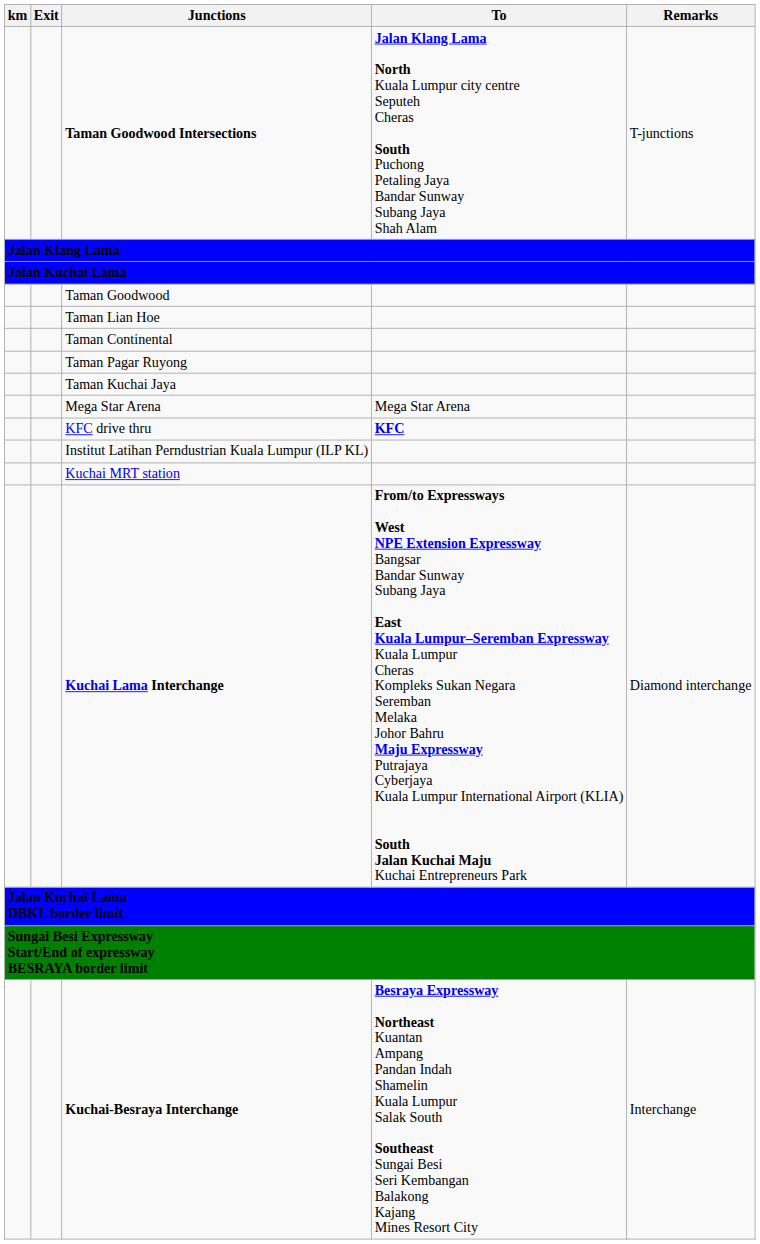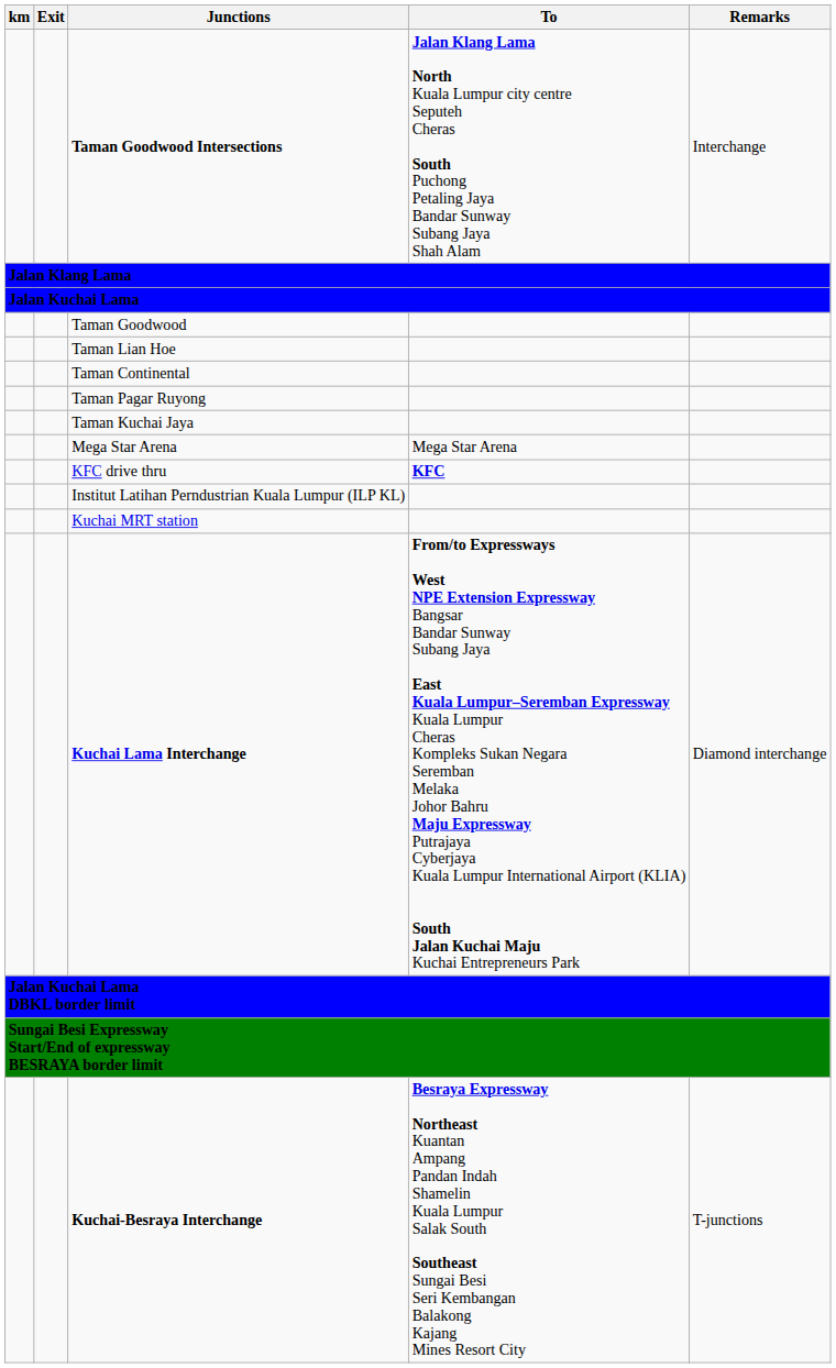 <table class=wikitable>
 <tr>
 <th>km</th>
 <th>Exit</th>
 <th>Junctions</th>
 <th>To</th>
 <th>Remarks</th>
 </tr>
 <tr>
 <td></td>
 <td></td>
 <td><strong>Taman Goodwood Intersections</strong></td>
 <td> <strong><a href='#'>Jalan Klang Lama</a></strong><br><br><strong>North</strong><br>Kuala Lumpur city centre<br>Seputeh<br>Cheras<br><br><strong>South</strong><br>Puchong<br>Petaling Jaya<br>Bandar Sunway<br>Subang Jaya<br>Shah Alam</td>
-<td>T-junctions</td>
+<td>Interchange</td>
 </tr>
 <tr>
 <td style="width:600px" colspan="6" style="text-align:center" bgcolor="blue"><strong><span> Jalan Klang Lama</span></strong></td>
 </tr>
 <tr>
 <td style="width:600px" colspan="6" style="text-align:center" bgcolor="blue"><strong><span>Jalan Kuchai Lama</span></strong></td>
 </tr>
 <tr>
 <td></td>
 <td></td>
 <td>Taman Goodwood</td>
 <td></td>
 <td></td>
 </tr>
 <tr>
 <td></td>
 <td></td>
 <td>Taman Lian Hoe</td>
 <td></td>
 <td></td>
 </tr>
 <tr>
 <td></td>
 <td></td>
 <td>Taman Continental</td>
 <td></td>
 <td></td>
 </tr>
 <tr>
 <td></td>
 <td></td>
 <td>Taman Pagar Ruyong</td>
 <td></td>
 <td></td>
 </tr>
 <tr>
 <td></td>
 <td></td>
 <td>Taman Kuchai Jaya</td>
 <td></td>
 <td></td>
 </tr>
 <tr>
 <td></td>
 <td></td>
 <td>Mega Star Arena</td>
 <td>Mega Star Arena</td>
 <td></td>
 </tr>
 <tr>
 <td></td>
 <td></td>
 <td> <a href='#'>KFC</a> drive thru</td>
 <td><strong> <a href='#'>KFC</a></strong></td>
 <td></td>
 </tr>
 <tr>
 <td></td>
 <td></td>
 <td>Institut Latihan Perndustrian Kuala Lumpur (ILP KL) </td>
 <td></td>
 <td></td>
 </tr>
 <tr>
 <td></td>
 <td></td>
 <td><a href='#'>Kuchai MRT station</a> </td>
 <td></td>
 <td></td>
 </tr>
 <tr>
 <td></td>
 <td></td>
 <td><strong><a href='#'>Kuchai Lama</a> Interchange</strong></td>
 <td><strong>From/to Expressways</strong><br><br><strong>West</strong><br> <strong><a href='#'>NPE Extension Expressway</a></strong><br>Bangsar<br>Bandar Sunway<br>Subang Jaya<br><br><strong>East</strong><br> <strong><a href='#'>Kuala Lumpur–Seremban Expressway</a></strong><br>Kuala Lumpur<br>Cheras<br>Kompleks Sukan Negara<br>Seremban<br>Melaka<br>Johor Bahru<br> <strong><a href='#'>Maju Expressway</a></strong><br>Putrajaya<br>Cyberjaya<br>Kuala Lumpur International Airport (KLIA) <br><br><br><strong>South</strong><br><strong>Jalan Kuchai Maju</strong><br>Kuchai Entrepreneurs Park</td>
 <td>Diamond interchange</td>
 </tr>
 <tr>
 <td style="width:600px" colspan="6" style="text-align:center" bgcolor="blue"><strong><span>Jalan Kuchai Lama<br>DBKL border limit</span></strong></td>
 </tr>
 <tr>
 <td style="width:600px" colspan="6" style="text-align:center" bgcolor="green"><strong><span> Sungai Besi Expressway<br>Start/End of expressway<br>BESRAYA border limit<br></span></strong></td>
 </tr>
 <tr>
 <td></td>
 <td></td>
 <td><strong>Kuchai-Besraya Interchange</strong></td>
 <td> <strong><a href='#'>Besraya Expressway</a></strong><br><br><strong>Northeast</strong><br>Kuantan<br>Ampang<br>Pandan Indah<br>Shamelin<br>Kuala Lumpur<br>Salak South<br><br><strong>Southeast</strong><br>Sungai Besi<br>Seri Kembangan<br>Balakong<br>Kajang<br>Mines Resort City</td>
-<td>Interchange</td>
+<td>T-junctions</td>
 </tr>
 </table>
